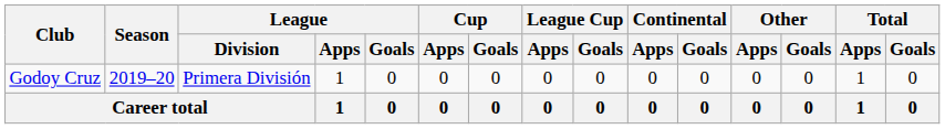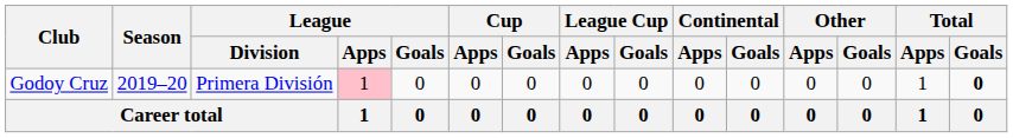 <table class="wikitable" style="text-align:center">
 <tr>
 <th rowspan="2">Club</th>
 <th rowspan="2">Season</th>
 <th colspan="3">League</th>
 <th colspan="2">Cup</th>
 <th colspan="2">League Cup</th>
 <th colspan="2">Continental</th>
 <th colspan="2">Other</th>
 <th colspan="2">Total</th>
 </tr>
 <tr>
 <th>Division</th>
 <th>Apps</th>
 <th>Goals</th>
 <th>Apps</th>
 <th>Goals</th>
 <th>Apps</th>
 <th>Goals</th>
 <th>Apps</th>
 <th>Goals</th>
 <th>Apps</th>
 <th>Goals</th>
 <th>Apps</th>
 <th>Goals</th>
 </tr>
 <tr>
 <td rowspan="1"><a href='#'>Godoy Cruz</a></td>
 <td><a href='#'>2019–20</a></td>
 <td rowspan="1"><a href='#'>Primera División</a></td>
-<td>1</td>
+<td style="background: pink;">1</td>
 <td>0</td>
 <td>0</td>
 <td>0</td>
 <td>0</td>
 <td>0</td>
 <td>0</td>
 <td>0</td>
 <td>0</td>
 <td>0</td>
 <td>1</td>
-<td>0</td>
+<td><strong>0</strong></td>
 </tr>
 <tr>
 <th colspan="3">Career total</th>
 <th>1</th>
 <th>0</th>
 <th>0</th>
 <th>0</th>
 <th>0</th>
 <th>0</th>
 <th>0</th>
 <th>0</th>
 <th>0</th>
 <th>0</th>
 <th>1</th>
 <th>0</th>
 </tr>
 </table>
